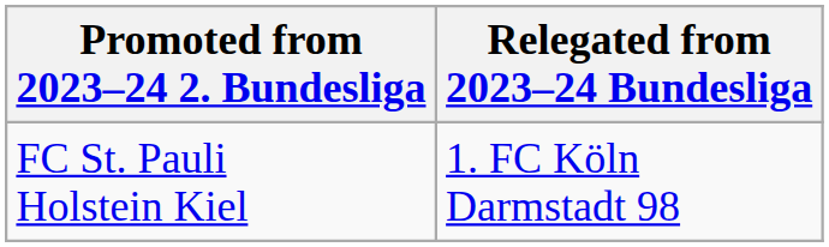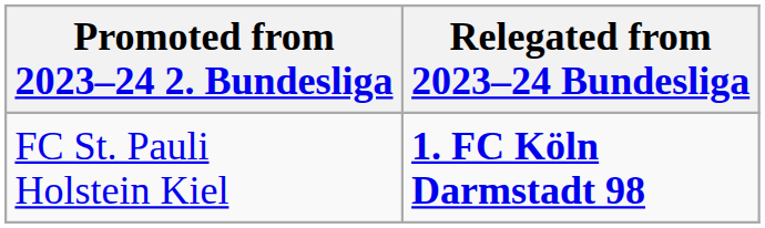 <table class="wikitable">
 <tr>
 <th>Promoted from<br><a href='#'>2023–24 2. Bundesliga</a></th>
 <th>Relegated from<br><a href='#'>2023–24 Bundesliga</a></th>
 </tr>
 <tr>
 <td><a href='#'>FC St. Pauli</a><br><a href='#'>Holstein Kiel</a></td>
-<td><a href='#'>1. FC Köln</a><br><a href='#'>Darmstadt 98</a></td>
+<td><strong><a href='#'>1. FC Köln</a><br><a href='#'>Darmstadt 98</a></strong></td>
 </tr>
 </table>
